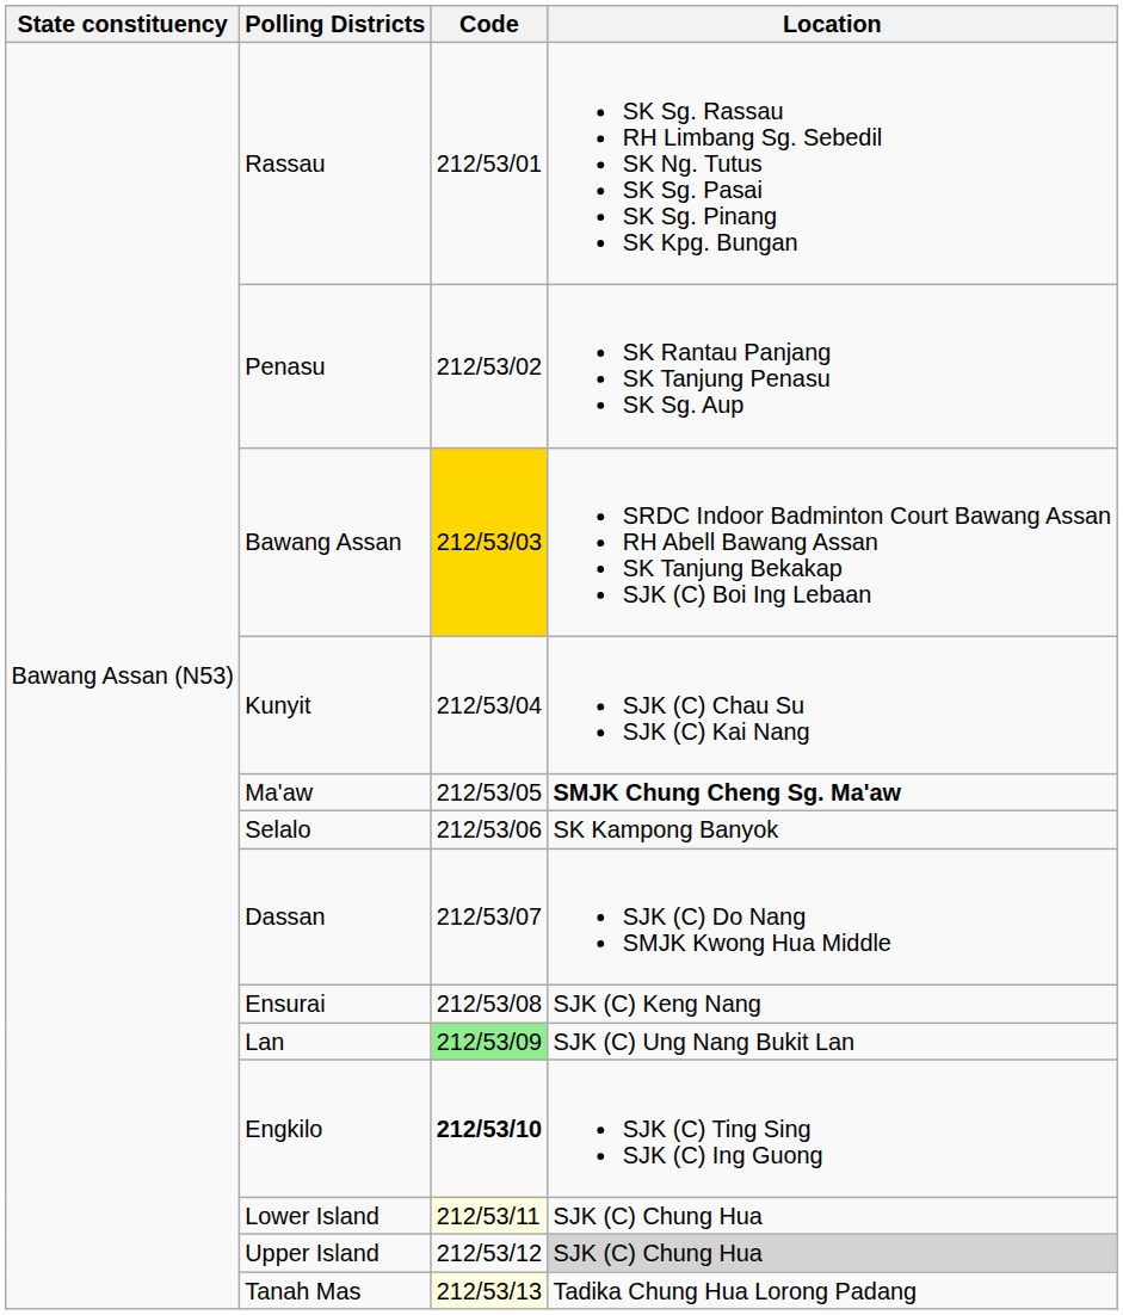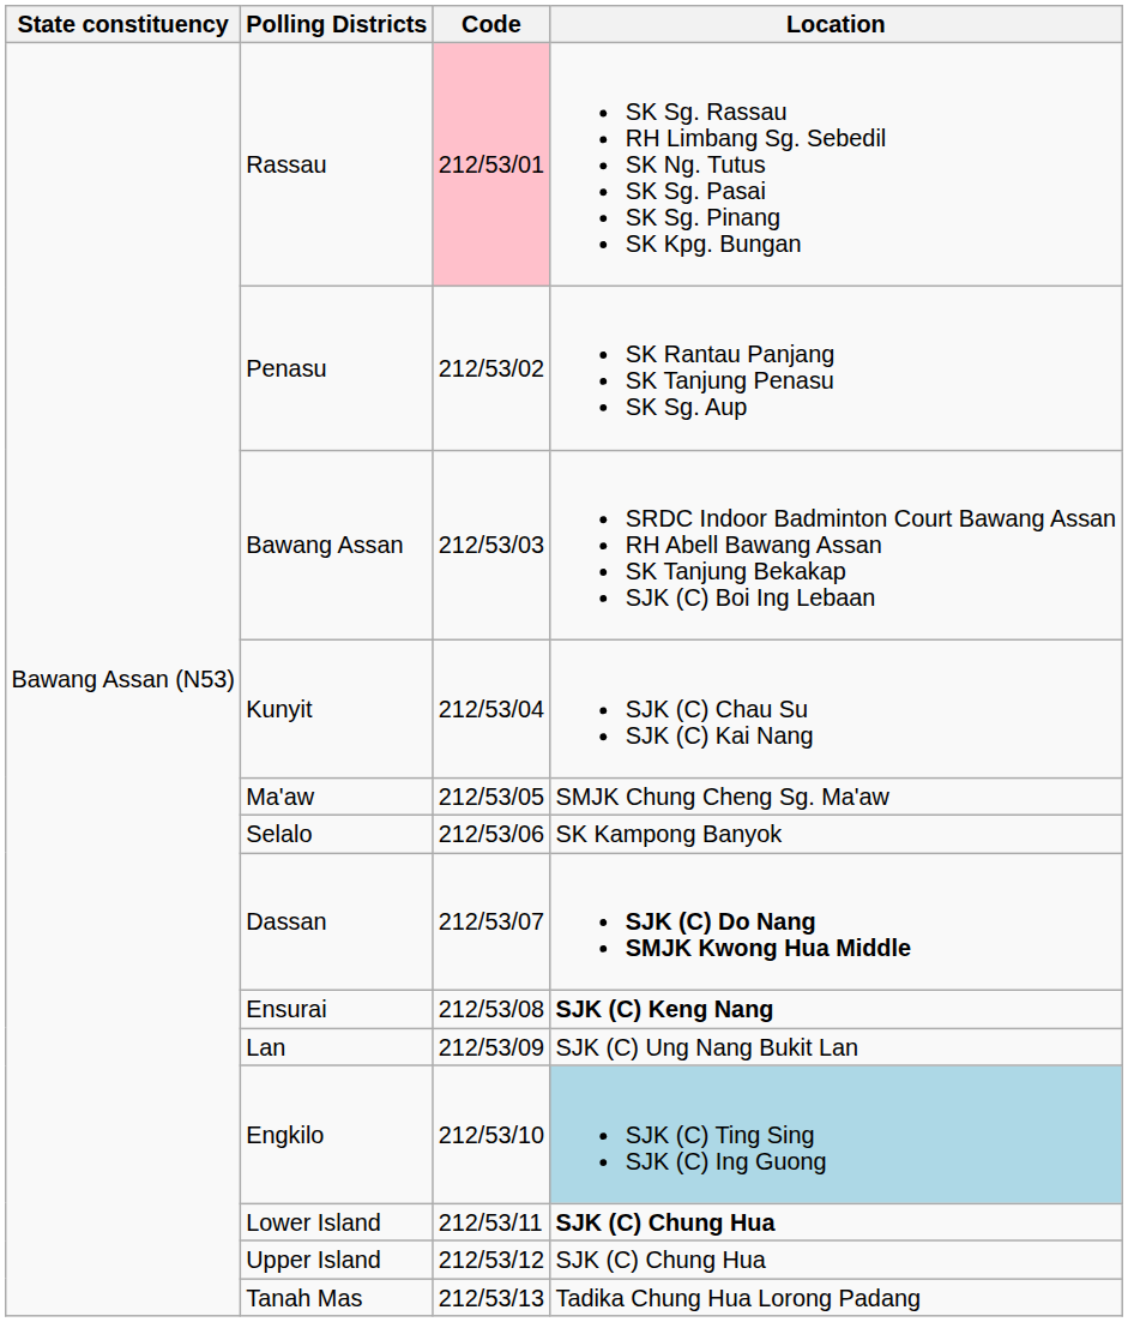 <table class="wikitable sortable mw-collapsible" style="white-space:nowrap;font-size:85%">
 <tr>
 <th>State constituency</th>
 <th>Polling Districts</th>
 <th>Code</th>
 <th>Location</th>
 </tr>
 <tr>
 <td rowspan="13">Bawang Assan (N53)</td>
 <td>Rassau</td>
-<td>212/53/01</td>
+<td style="background: pink;">212/53/01</td>
 <td><br><ul><li>SK Sg. Rassau</li><li>RH Limbang Sg. Sebedil</li><li>SK Ng. Tutus</li><li>SK Sg. Pasai</li><li>SK Sg. Pinang</li><li>SK Kpg. Bungan</li></ul></td>
 </tr>
 <tr>
 <td>Penasu</td>
 <td>212/53/02</td>
 <td><br><ul><li>SK Rantau Panjang</li><li>SK Tanjung Penasu</li><li>SK Sg. Aup</li></ul></td>
 </tr>
 <tr>
 <td>Bawang Assan</td>
-<td style="background: gold;">212/53/03</td>
+<td>212/53/03</td>
 <td><br><ul><li>SRDC Indoor Badminton Court Bawang Assan</li><li>RH Abell Bawang Assan</li><li>SK Tanjung Bekakap</li><li>SJK (C) Boi Ing Lebaan</li></ul></td>
 </tr>
 <tr>
 <td>Kunyit</td>
 <td>212/53/04</td>
 <td><br><ul><li>SJK (C) Chau Su</li><li>SJK (C) Kai Nang</li></ul></td>
 </tr>
 <tr>
 <td>Ma'aw</td>
 <td>212/53/05</td>
-<td><strong>SMJK Chung Cheng Sg. Ma'aw</strong></td>
+<td>SMJK Chung Cheng Sg. Ma'aw</td>
 </tr>
 <tr>
 <td>Selalo</td>
 <td>212/53/06</td>
 <td>SK Kampong Banyok</td>
 </tr>
 <tr>
 <td>Dassan</td>
 <td>212/53/07</td>
-<td><br><ul><li>SJK (C) Do Nang</li><li>SMJK Kwong Hua Middle</li></ul></td>
+<td><strong><br><ul><li>SJK (C) Do Nang</li><li>SMJK Kwong Hua Middle</li></ul></strong></td>
 </tr>
 <tr>
 <td>Ensurai</td>
 <td>212/53/08</td>
-<td>SJK (C) Keng Nang</td>
+<td><strong>SJK (C) Keng Nang</strong></td>
 </tr>
 <tr>
 <td>Lan</td>
-<td style="background: lightgreen;">212/53/09</td>
+<td>212/53/09</td>
 <td>SJK (C) Ung Nang Bukit Lan</td>
 </tr>
 <tr>
 <td>Engkilo</td>
-<td><strong>212/53/10</strong></td>
-<td><br><ul><li>SJK (C) Ting Sing</li><li>SJK (C) Ing Guong</li></ul></td>
+<td>212/53/10</td>
+<td style="background: lightblue;"><br><ul><li>SJK (C) Ting Sing</li><li>SJK (C) Ing Guong</li></ul></td>
 </tr>
 <tr>
 <td>Lower Island</td>
-<td style="background: lightyellow;">212/53/11</td>
-<td>SJK (C) Chung Hua</td>
+<td>212/53/11</td>
+<td><strong>SJK (C) Chung Hua</strong></td>
 </tr>
 <tr>
 <td>Upper Island</td>
 <td>212/53/12</td>
-<td style="background: lightgrey;">SJK (C) Chung Hua</td>
+<td>SJK (C) Chung Hua</td>
 </tr>
 <tr>
 <td>Tanah Mas</td>
-<td style="background: lightyellow;">212/53/13</td>
+<td>212/53/13</td>
 <td>Tadika Chung Hua Lorong Padang</td>
 </tr>
 </table>
